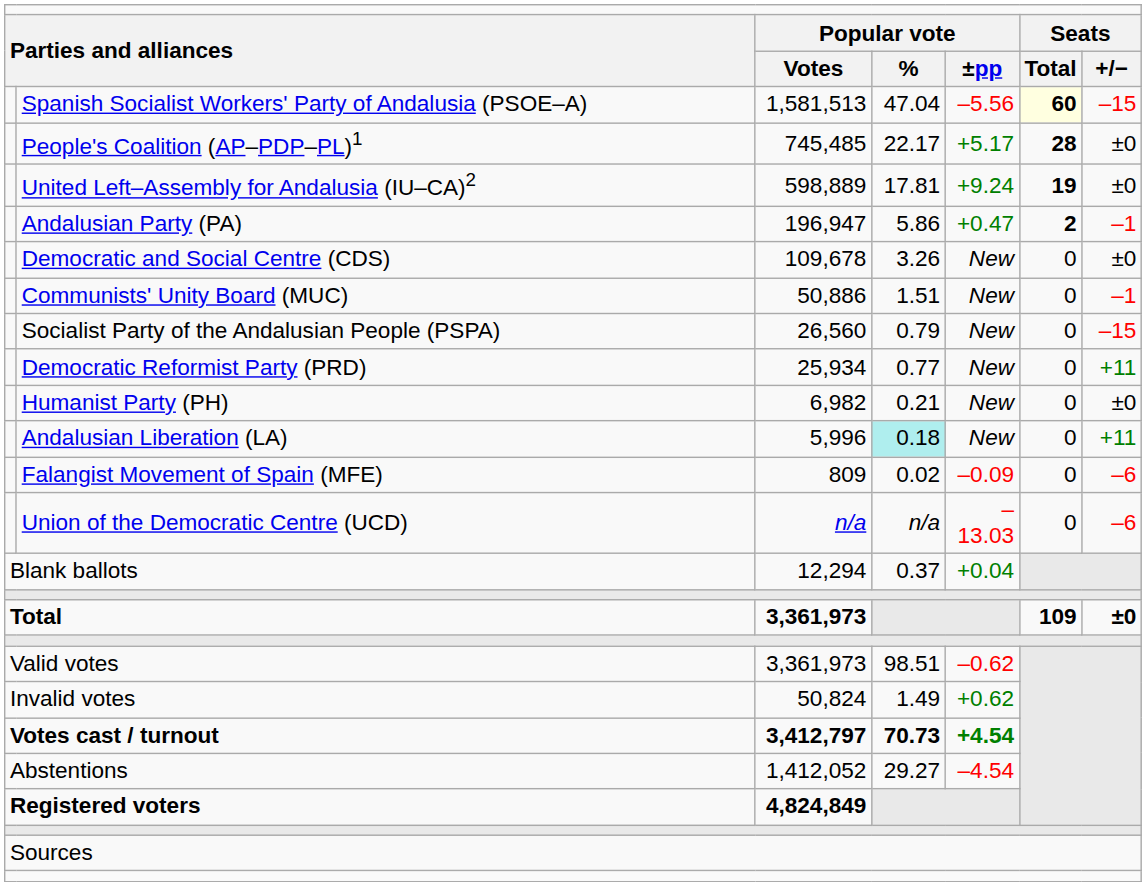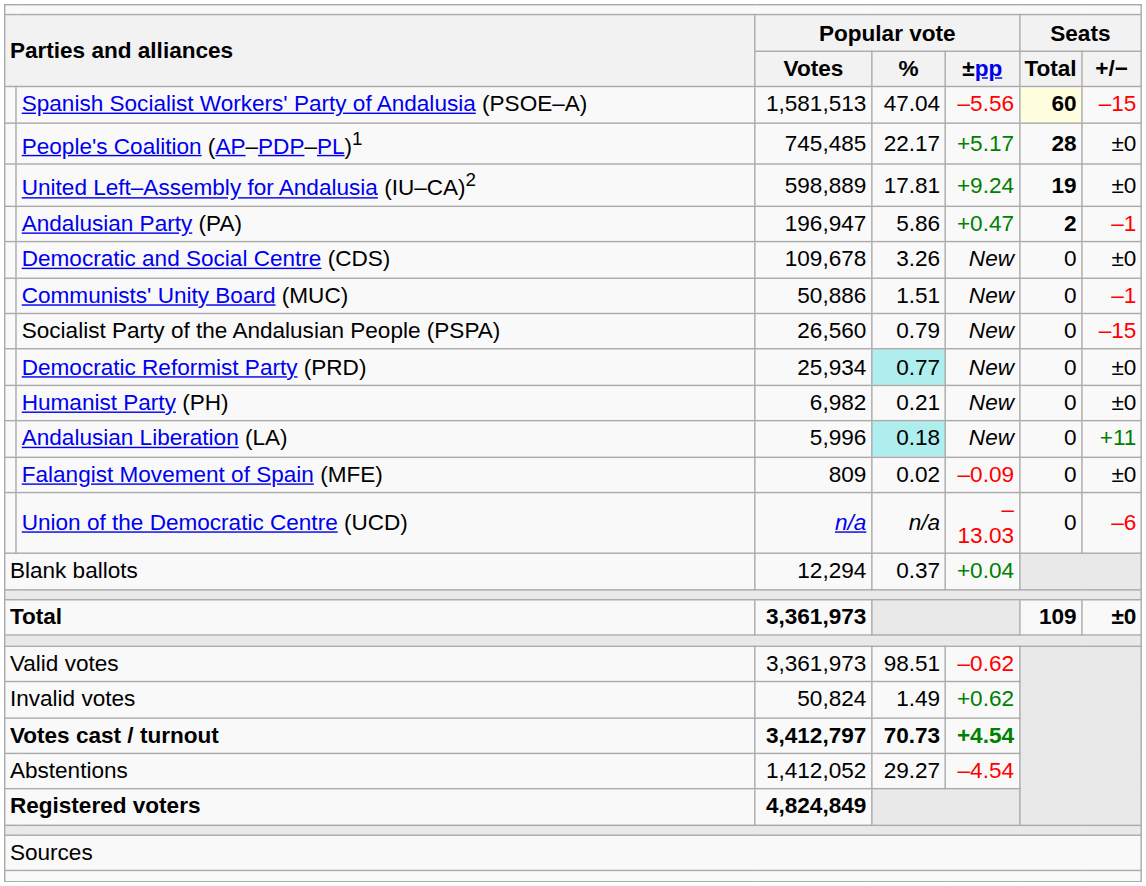 <table class="wikitable" style="text-align:right;">
 <tr>
 <td colspan="7"></td>
 </tr>
 <tr>
 <th style="text-align:left;" rowspan="2" colspan="2" width="525">Parties and alliances</th>
 <th colspan="3">Popular vote</th>
 <th colspan="2">Seats</th>
 </tr>
 <tr>
 <th width="75">Votes</th>
 <th width="45">%</th>
 <th width="45">±<a href='#'>pp</a></th>
 <th width="35">Total</th>
 <th width="35">+/−</th>
 </tr>
 <tr>
 <td width="1" style="color:inherit;background:"></td>
 <td align="left"><a href='#'>Spanish Socialist Workers' Party of Andalusia</a> (PSOE–A)</td>
 <td>1,581,513</td>
 <td>47.04</td>
 <td style="color:red;">–5.56</td>
 <td style="background: lightyellow;"><strong>60</strong></td>
 <td style="color:red;">–15</td>
 </tr>
 <tr>
 <td style="color:inherit;background:"></td>
 <td align="left"><a href='#'>People's Coalition</a> (<a href='#'>AP</a>–<a href='#'>PDP</a>–<a href='#'>PL</a>)<sup>1</sup></td>
 <td>745,485</td>
 <td>22.17</td>
 <td style="color:green;">+5.17</td>
 <td><strong>28</strong></td>
 <td>±0</td>
 </tr>
 <tr>
 <td style="color:inherit;background:"></td>
 <td align="left"><a href='#'>United Left–Assembly for Andalusia</a> (IU–CA)<sup>2</sup></td>
 <td>598,889</td>
 <td>17.81</td>
 <td style="color:green;">+9.24</td>
 <td><strong>19</strong></td>
 <td>±0</td>
 </tr>
 <tr>
 <td style="color:inherit;background:"></td>
 <td align="left"><a href='#'>Andalusian Party</a> (PA)</td>
 <td>196,947</td>
 <td>5.86</td>
 <td style="color:green;">+0.47</td>
 <td><strong>2</strong></td>
 <td style="color:red;">–1</td>
 </tr>
 <tr>
 <td style="color:inherit;background:"></td>
 <td align="left"><a href='#'>Democratic and Social Centre</a> (CDS)</td>
 <td>109,678</td>
 <td>3.26</td>
 <td><em>New</em></td>
 <td>0</td>
 <td>±0</td>
 </tr>
 <tr>
 <td style="color:inherit;background:"></td>
 <td align="left"><a href='#'>Communists' Unity Board</a> (MUC)</td>
 <td>50,886</td>
 <td>1.51</td>
 <td><em>New</em></td>
 <td>0</td>
 <td style="color:red;">–1</td>
 </tr>
 <tr>
 <td style="color:inherit;background:"></td>
 <td align="left">Socialist Party of the Andalusian People (PSPA)</td>
 <td>26,560</td>
 <td>0.79</td>
 <td><em>New</em></td>
 <td>0</td>
 <td style="color:red;">–15</td>
 </tr>
 <tr>
 <td style="color:inherit;background:"></td>
 <td align="left"><a href='#'>Democratic Reformist Party</a> (PRD)</td>
 <td>25,934</td>
-<td>0.77</td>
+<td style="background: paleturquoise;">0.77</td>
 <td><em>New</em></td>
 <td>0</td>
-<td style="color:green;">+11</td>
+<td>±0</td>
 </tr>
 <tr>
 <td style="color:inherit;background:"></td>
 <td align="left"><a href='#'>Humanist Party</a> (PH)</td>
 <td>6,982</td>
 <td>0.21</td>
 <td><em>New</em></td>
 <td>0</td>
 <td>±0</td>
 </tr>
 <tr>
 <td style="color:inherit;background:"></td>
 <td align="left"><a href='#'>Andalusian Liberation</a> (LA)</td>
 <td>5,996</td>
 <td style="background: paleturquoise;">0.18</td>
 <td><em>New</em></td>
 <td>0</td>
 <td style="color:green;">+11</td>
 </tr>
 <tr>
 <td style="color:inherit;background:"></td>
 <td align="left"><a href='#'>Falangist Movement of Spain</a> (MFE)</td>
 <td>809</td>
 <td>0.02</td>
 <td style="color:red;">–0.09</td>
 <td>0</td>
-<td style="color:red;">–6</td>
+<td>±0</td>
 </tr>
 <tr>
 <td style="color:inherit;background:"></td>
 <td align="left"><a href='#'>Union of the Democratic Centre</a> (UCD)</td>
 <td><em><a href='#'>n/a</a></em></td>
 <td><em>n/a</em></td>
 <td style="color:red;">–13.03</td>
 <td>0</td>
 <td style="color:red;">–6</td>
 </tr>
 <tr>
 <td align="left" colspan="2">Blank ballots</td>
 <td>12,294</td>
 <td>0.37</td>
 <td style="color:green;">+0.04</td>
 <td bgcolor="#E9E9E9" colspan="2"></td>
 </tr>
 <tr>
 <td colspan="7" bgcolor="#E9E9E9"></td>
 </tr>
 <tr style="font-weight:bold;">
 <td align="left" colspan="2">Total</td>
 <td>3,361,973</td>
 <td bgcolor="#E9E9E9" colspan="2"></td>
 <td>109</td>
 <td>±0</td>
 </tr>
 <tr>
 <td colspan="7" bgcolor="#E9E9E9"></td>
 </tr>
 <tr>
 <td align="left" colspan="2">Valid votes</td>
 <td>3,361,973</td>
 <td>98.51</td>
 <td style="color:red;">–0.62</td>
 <td bgcolor="#E9E9E9" colspan="2" rowspan="5"></td>
 </tr>
 <tr>
 <td align="left" colspan="2">Invalid votes</td>
 <td>50,824</td>
 <td>1.49</td>
 <td style="color:green;">+0.62</td>
 </tr>
 <tr style="font-weight:bold;">
 <td align="left" colspan="2">Votes cast / turnout</td>
 <td>3,412,797</td>
 <td>70.73</td>
 <td style="color:green;">+4.54</td>
 </tr>
 <tr>
 <td align="left" colspan="2">Abstentions</td>
 <td>1,412,052</td>
 <td>29.27</td>
 <td style="color:red;">–4.54</td>
 </tr>
 <tr style="font-weight:bold;">
 <td align="left" colspan="2">Registered voters</td>
 <td>4,824,849</td>
 <td bgcolor="#E9E9E9" colspan="2"></td>
 </tr>
 <tr>
 <td colspan="7" bgcolor="#E9E9E9"></td>
 </tr>
 <tr>
 <td align="left" colspan="7">Sources</td>
 </tr>
 <tr>
 <td colspan="7" style="text-align:left; max-width:790px;"></td>
 </tr>
 </table>
